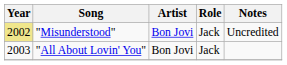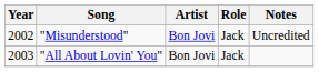 <table class="wikitable sortable">
 <tr>
 <th>Year</th>
 <th>Song</th>
 <th>Artist</th>
 <th>Role</th>
 <th>Notes</th>
 </tr>
 <tr>
-<td style="background: khaki;">2002</td>
+<td>2002</td>
 <td>"<a href='#'>Misunderstood</a>"</td>
 <td><a href='#'>Bon Jovi</a></td>
 <td>Jack</td>
 <td>Uncredited</td>
 </tr>
 <tr>
 <td>2003</td>
 <td>"<a href='#'>All About Lovin' You</a>"</td>
 <td>Bon Jovi</td>
 <td>Jack</td>
 <td></td>
 </tr>
 <tr>
 </tr>
 </table>
